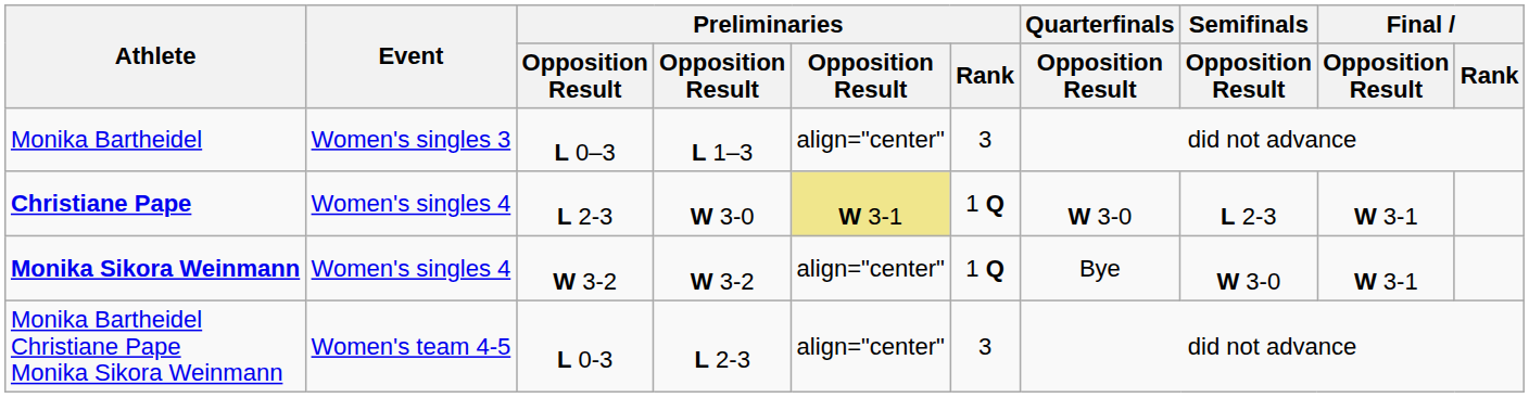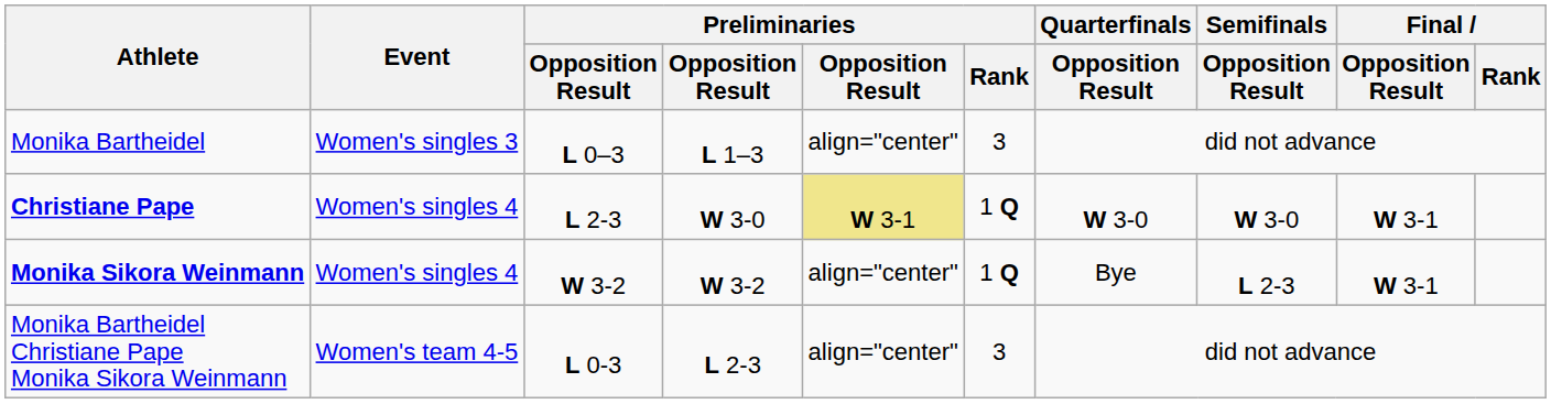 <table class=wikitable style="font-size:90%">
 <tr>
 <th rowspan="2">Athlete</th>
 <th rowspan="2">Event</th>
 <th colspan="4">Preliminaries</th>
 <th>Quarterfinals</th>
 <th>Semifinals</th>
 <th colspan="2">Final / </th>
 </tr>
 <tr>
 <th>Opposition<br>Result</th>
 <th>Opposition<br>Result</th>
 <th>Opposition<br>Result</th>
 <th>Rank</th>
 <th>Opposition<br>Result</th>
 <th>Opposition<br>Result</th>
 <th>Opposition<br>Result</th>
 <th>Rank</th>
 </tr>
 <tr>
 <td><a href='#'>Monika Bartheidel</a></td>
 <td><a href='#'>Women's singles 3</a></td>
 <td align="center"><br><strong>L</strong> 0–3</td>
 <td align="center"><br><strong>L</strong> 1–3</td>
 <td>align="center" </td>
 <td align="center">3</td>
 <td align="center" colspan="4">did not advance</td>
 </tr>
 <tr>
 <td><strong><a href='#'>Christiane Pape</a></strong></td>
 <td><a href='#'>Women's singles 4</a></td>
 <td align="center"><br><strong>L</strong> 2-3</td>
 <td align="center"><br><strong>W</strong> 3-0</td>
 <td align="center" style="background: khaki;"><br><strong>W</strong> 3-1</td>
 <td align="center">1 <strong>Q</strong></td>
 <td align="center"><br><strong>W</strong> 3-0</td>
-<td align="center"><br><strong>L</strong> 2-3</td>
+<td align="center"><br><strong>W</strong> 3-0</td>
 <td align="center"><br><strong>W</strong> 3-1</td>
 <td align="center"></td>
 </tr>
 <tr>
 <td><strong><a href='#'>Monika Sikora Weinmann</a></strong></td>
 <td><a href='#'>Women's singles 4</a></td>
 <td align="center"><br><strong>W</strong> 3-2</td>
 <td align="center"><br><strong>W</strong> 3-2</td>
 <td>align="center" </td>
 <td align="center">1 <strong>Q</strong></td>
 <td align="center">Bye</td>
-<td align="center"><br><strong>W</strong> 3-0</td>
+<td align="center"><br><strong>L</strong> 2-3</td>
 <td align="center"><br><strong>W</strong> 3-1</td>
 <td align="center"></td>
 </tr>
 <tr>
 <td><a href='#'>Monika Bartheidel</a><br> <a href='#'>Christiane Pape</a><br> <a href='#'>Monika Sikora Weinmann</a></td>
 <td><a href='#'>Women's team 4-5</a></td>
 <td align="center"><br><strong>L</strong> 0-3</td>
 <td align="center"><br><strong>L</strong> 2-3</td>
 <td>align="center" </td>
 <td align="center">3</td>
 <td align="center" colspan="4">did not advance</td>
 </tr>
 </table>
